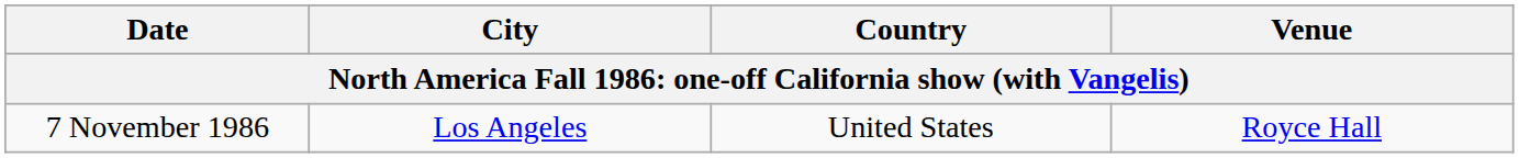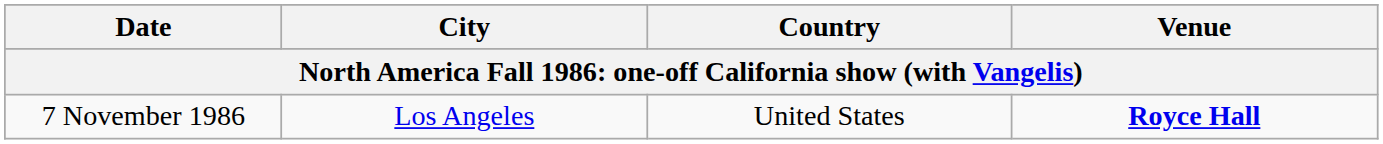 <table class="wikitable" style="text-align:center;">
 <tr>
 <th style="width:150px;">Date</th>
 <th style="width:200px;">City</th>
 <th style="width:200px;">Country</th>
 <th style="width:200px;">Venue</th>
 </tr>
 <tr>
 <th colspan="4">North America Fall 1986: one-off California show (with <a href='#'>Vangelis</a>)</th>
 </tr>
 <tr>
 <td>7 November 1986</td>
 <td><a href='#'>Los Angeles</a></td>
 <td>United States</td>
-<td><a href='#'>Royce Hall</a></td>
+<td><strong><a href='#'>Royce Hall</a></strong></td>
 </tr>
 </table>
